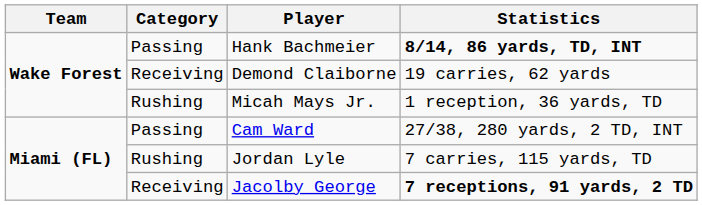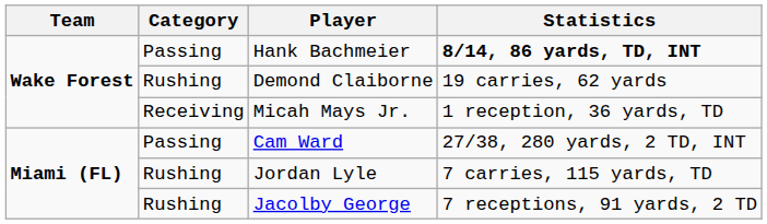 <table class="wikitable" style="float: right;">
 <tr>
 <th>Team</th>
 <th>Category</th>
 <th>Player</th>
 <th>Statistics</th>
 </tr>
 <tr>
 <td rowspan=3><strong>Wake Forest</strong></td>
 <td>Passing</td>
 <td>Hank Bachmeier</td>
 <td><strong>8/14, 86 yards, TD, INT</strong></td>
 </tr>
 <tr>
-<td>Receiving</td>
+<td>Rushing</td>
 <td>Demond Claiborne</td>
 <td>19 carries, 62 yards</td>
 </tr>
 <tr>
-<td>Rushing</td>
+<td>Receiving</td>
 <td>Micah Mays Jr.</td>
 <td>1 reception, 36 yards, TD</td>
 </tr>
 <tr>
 <td rowspan=3><strong>Miami (FL)</strong></td>
 <td>Passing</td>
 <td><a href='#'>Cam Ward</a></td>
 <td>27/38, 280 yards, 2 TD, INT</td>
 </tr>
 <tr>
 <td>Rushing</td>
 <td>Jordan Lyle</td>
 <td>7 carries, 115 yards, TD</td>
 </tr>
 <tr>
-<td>Receiving</td>
+<td>Rushing</td>
 <td><a href='#'>Jacolby George</a></td>
-<td><strong>7 receptions, 91 yards, 2 TD</strong></td>
+<td>7 receptions, 91 yards, 2 TD</td>
 </tr>
 </table>
